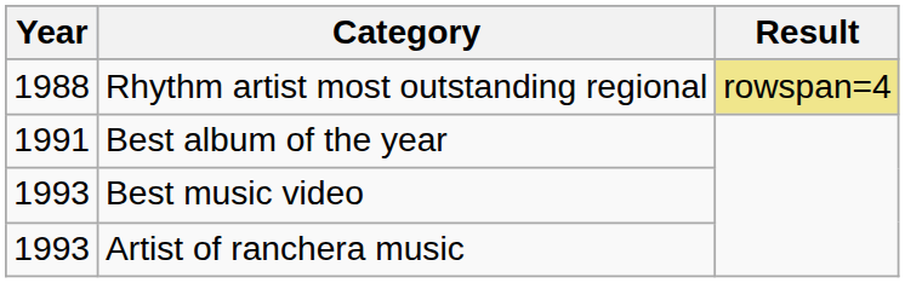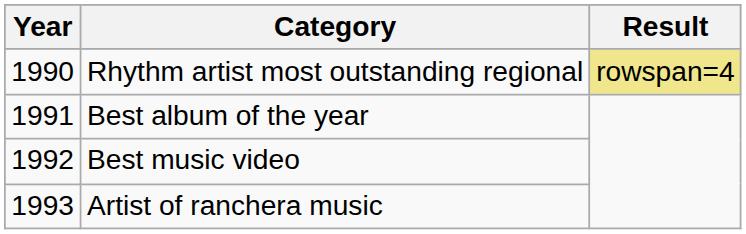 <table class="wikitable">
 <tr style="background:#b0c4de;">
 <th>Year</th>
 <th>Category</th>
 <th>Result</th>
 </tr>
 <tr>
-<td>1988</td>
+<td>1990</td>
 <td>Rhythm artist most outstanding regional</td>
 <td style="background: khaki;">rowspan=4 </td>
 </tr>
 <tr>
 <td>1991</td>
 <td>Best album of the year</td>
 </tr>
 <tr>
-<td>1993</td>
+<td>1992</td>
 <td>Best music video</td>
 </tr>
 <tr>
 <td>1993</td>
 <td>Artist of ranchera music</td>
 </tr>
 </table>
